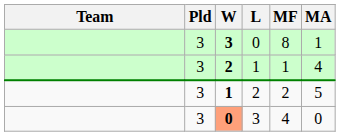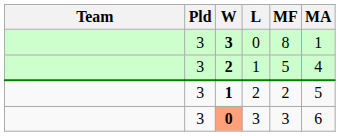 <table class=wikitable style="text-align:center">
 <tr>
 <th width=175>Team</th>
 <th width=20>Pld</th>
 <th width=20>W</th>
 <th width=20>L</th>
 <th width=20>MF</th>
 <th width=20>MA</th>
 </tr>
 <tr bgcolor=ccffcc>
 <td style="text-align:left"></td>
 <td>3</td>
 <td><strong>3</strong></td>
 <td>0</td>
 <td>8</td>
 <td>1</td>
 </tr>
 <tr bgcolor=ccffcc style="border-bottom:2px solid green;">
 <td style="text-align:left"></td>
 <td>3</td>
 <td><strong>2</strong></td>
 <td>1</td>
-<td>1</td>
+<td>5</td>
 <td>4</td>
 </tr>
 <tr>
 <td style="text-align:left"></td>
 <td>3</td>
 <td><strong>1</strong></td>
 <td>2</td>
 <td>2</td>
 <td>5</td>
 </tr>
 <tr>
 <td style="text-align:left"></td>
 <td>3</td>
 <td style="background: lightsalmon;"><strong>0</strong></td>
 <td>3</td>
-<td>4</td>
-<td>0</td>
+<td>3</td>
+<td>6</td>
 </tr>
 </table>
